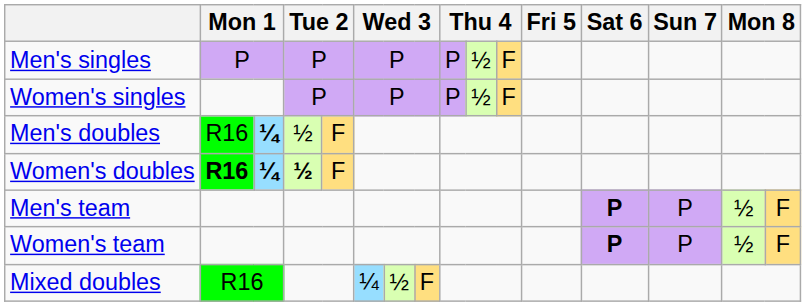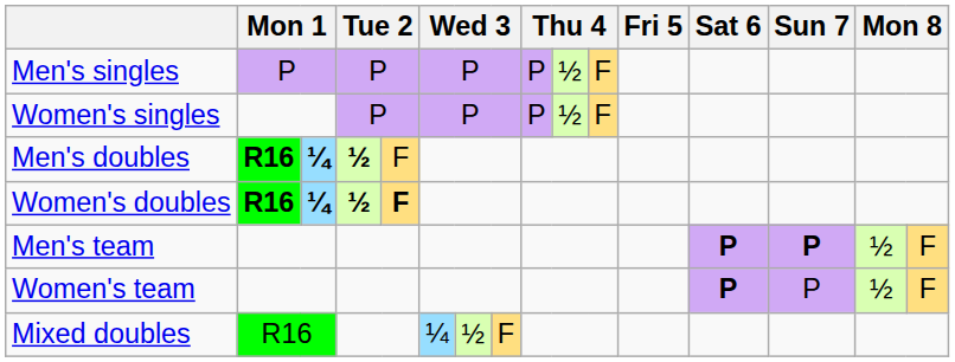 <table class="wikitable">
 <tr style="text-align:center;">
 <th></th>
 <th colspan="2">Mon 1</th>
 <th colspan="2">Tue 2</th>
 <th colspan="3">Wed 3</th>
 <th colspan="3">Thu 4</th>
 <th>Fri 5</th>
 <th>Sat 6</th>
 <th>Sun 7</th>
 <th colspan="2">Mon 8</th>
 </tr>
 <tr style="text-align:center;">
 <td style="text-align:left;"><a href='#'>Men's singles</a></td>
 <td colspan="2" style="background-color:#D0A9F5;">P</td>
 <td colspan="2" style="background-color:#D0A9F5;">P</td>
 <td colspan="3" style="background-color:#D0A9F5;">P</td>
 <td style="background-color:#D0A9F5;">P</td>
 <td style="background-color:#D9FFB2;">½</td>
 <td style="background-color:#FFDF80;">F</td>
 <td></td>
 <td></td>
 <td></td>
 <td colspan="2"></td>
 </tr>
 <tr style="text-align:center;">
 <td style="text-align:left;"><a href='#'>Women's singles</a></td>
 <td colspan="2"></td>
 <td colspan="2" style="background-color:#D0A9F5;">P</td>
 <td colspan="3" style="background-color:#D0A9F5;">P</td>
 <td style="background-color:#D0A9F5;">P</td>
 <td style="background-color:#D9FFB2;">½</td>
 <td style="background-color:#FFDF80;">F</td>
 <td></td>
 <td></td>
 <td></td>
 <td colspan="2"></td>
 </tr>
 <tr style="text-align:center;">
 <td style="text-align:left;"><a href='#'>Men's doubles</a></td>
-<td style="background-color:#00FF00;">R16</td>
+<td style="background-color:#00FF00;"><strong>R16</strong></td>
 <td style="background-color:#97DEFF;"><strong>¼</strong></td>
-<td style="background-color:#D9FFB2;">½</td>
+<td style="background-color:#D9FFB2;"><strong>½</strong></td>
 <td style="background-color:#FFDF80;">F</td>
 <td colspan="3"></td>
 <td colspan="3"></td>
 <td></td>
 <td></td>
 <td></td>
 <td colspan="2"></td>
 </tr>
 <tr style="text-align:center;">
 <td style="text-align:left;"><a href='#'>Women's doubles</a></td>
 <td style="background-color:#00FF00;"><strong>R16</strong></td>
 <td style="background-color:#97DEFF;"><strong>¼</strong></td>
 <td style="background-color:#D9FFB2;"><strong>½</strong></td>
-<td style="background-color:#FFDF80;">F</td>
+<td style="background-color:#FFDF80;"><strong>F</strong></td>
 <td colspan="3"></td>
 <td colspan="3"></td>
 <td></td>
 <td></td>
 <td></td>
 <td colspan="2"></td>
 </tr>
 <tr style="text-align:center;">
 <td style="text-align:left;"><a href='#'>Men's team</a></td>
 <td colspan="2"></td>
 <td colspan="2"></td>
 <td colspan="3"></td>
 <td colspan="3"></td>
 <td></td>
 <td style="background-color:#D0A9F5;"><strong>P</strong></td>
-<td style="background-color:#D0A9F5;">P</td>
+<td style="background-color:#D0A9F5;"><strong>P</strong></td>
 <td style="background-color:#D9FFB2;">½</td>
 <td style="background-color:#FFDF80;">F</td>
 </tr>
 <tr style="text-align:center;">
 <td style="text-align:left;"><a href='#'>Women's team</a></td>
 <td colspan="2"></td>
 <td colspan="2"></td>
 <td colspan="3"></td>
 <td colspan="3"></td>
 <td></td>
 <td style="background-color:#D0A9F5;"><strong>P</strong></td>
 <td style="background-color:#D0A9F5;">P</td>
 <td style="background-color:#D9FFB2;">½</td>
 <td style="background-color:#FFDF80;">F</td>
 </tr>
 <tr style="text-align:center;">
 <td style="text-align:left;"><a href='#'>Mixed doubles</a></td>
 <td colspan="2" style="background-color:#00FF00;">R16</td>
 <td colspan="2"></td>
 <td style="background-color:#97DEFF;">¼</td>
 <td style="background-color:#D9FFB2;">½</td>
 <td style="background-color:#FFDF80;">F</td>
 <td colspan="3"></td>
 <td></td>
 <td></td>
 <td></td>
 <td colspan="2"></td>
 </tr>
 </table>
